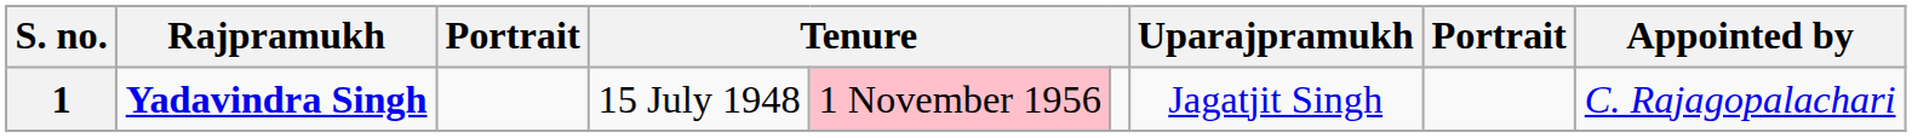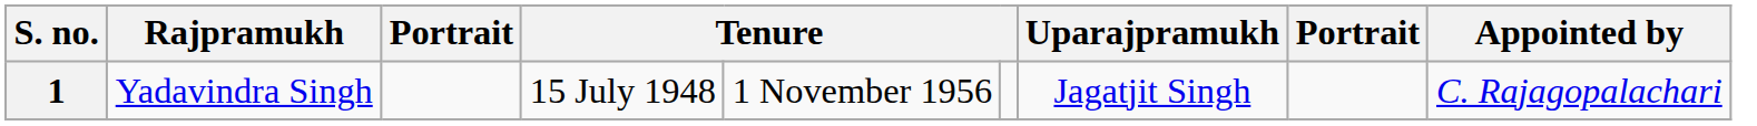 <table class="wikitable" style="text-align:center">
 <tr>
 <th>S. no.</th>
 <th>Rajpramukh</th>
 <th>Portrait</th>
 <th colspan=3>Tenure</th>
 <th>Uparajpramukh</th>
 <th>Portrait</th>
 <th>Appointed by</th>
 </tr>
 <tr>
 <th>1</th>
-<td><strong><a href='#'>Yadavindra Singh</a></strong></td>
+<td><a href='#'>Yadavindra Singh</a></td>
 <td></td>
 <td>15 July 1948</td>
-<td style="background: pink;">1 November 1956</td>
+<td>1 November 1956</td>
 <td></td>
 <td><a href='#'>Jagatjit Singh</a></td>
 <td></td>
 <td><em><a href='#'>C. Rajagopalachari</a></em></td>
 </tr>
 </table>
